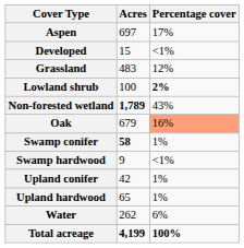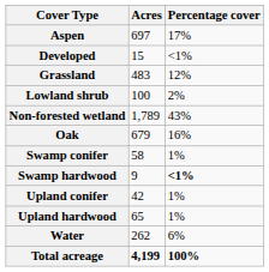 <table class="wikitable mw-collapsible" style="margin-left: auto; margin-right: auto; border: none;">
 <tr>
 <th>Cover Type</th>
 <th>Acres</th>
 <th>Percentage cover</th>
 </tr>
 <tr>
 <th>Aspen</th>
 <td>697</td>
 <td>17%</td>
 </tr>
 <tr>
 <th>Developed</th>
 <td>15</td>
 <td><1%</td>
 </tr>
 <tr>
 <th>Grassland</th>
 <td>483</td>
 <td>12%</td>
 </tr>
 <tr>
 <th>Lowland shrub</th>
 <td>100</td>
-<td><strong>2%</strong></td>
+<td>2%</td>
 </tr>
 <tr>
 <th>Non-forested wetland</th>
-<td><strong>1,789</strong></td>
+<td>1,789</td>
 <td>43%</td>
 </tr>
 <tr>
 <th>Oak</th>
 <td>679</td>
-<td style="background: lightsalmon;">16%</td>
+<td>16%</td>
 </tr>
 <tr>
 <th>Swamp conifer</th>
-<td><strong>58</strong></td>
+<td>58</td>
 <td>1%</td>
 </tr>
 <tr>
 <th>Swamp hardwood</th>
 <td>9</td>
-<td><1%</td>
+<td><strong><1%</strong></td>
 </tr>
 <tr>
 <th>Upland conifer</th>
 <td>42</td>
 <td>1%</td>
 </tr>
 <tr>
 <th>Upland hardwood</th>
 <td>65</td>
 <td>1%</td>
 </tr>
 <tr>
 <th>Water</th>
 <td>262</td>
 <td>6%</td>
 </tr>
 <tr>
 <th>Total acreage</th>
 <td><strong>4,199</strong></td>
 <td><strong>100%</strong></td>
 </tr>
 <tr>
 </tr>
 </table>
